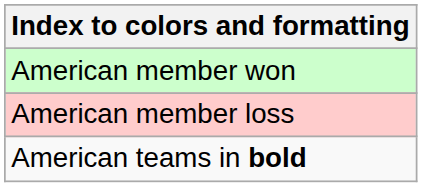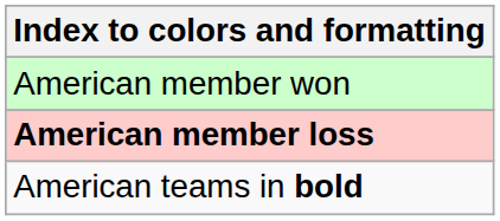 <table class="wikitable">
 <tr>
 <th>Index to colors and formatting</th>
 </tr>
 <tr bgcolor=#ccffcc>
 <td>American member won</td>
 </tr>
 <tr bgcolor=#ffcccc>
-<td>American member loss</td>
+<td><strong>American member loss</strong></td>
 </tr>
 <tr>
 <td>American teams in <strong>bold</strong></td>
 </tr>
 </table>
